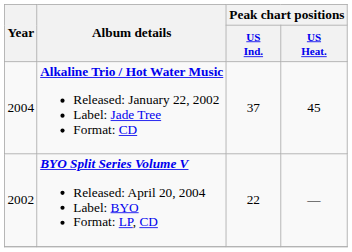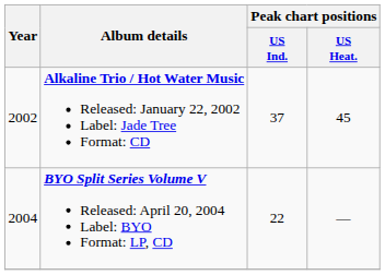 <table class ="wikitable">
 <tr>
 <th scope="col" rowspan="2">Year</th>
 <th scope="col" rowspan="2">Album details</th>
 <th scope="col" colspan="2">Peak chart positions</th>
 </tr>
 <tr>
 <th scope="col"><small><a href='#'>US<br>Ind.</a></small><br></th>
 <th scope="col"><small><a href='#'>US<br>Heat.</a></small><br></th>
 </tr>
 <tr>
-<td>2004</td>
+<td>2002</td>
 <td><strong><a href='#'>Alkaline Trio / Hot Water Music</a></strong><br><ul><li>Released: January 22, 2002</li><li>Label: <a href='#'>Jade Tree</a></li><li>Format: <a href='#'>CD</a></li></ul></td>
 <td align="center"> 37</td>
 <td align="center"> 45</td>
 </tr>
 <tr>
-<td>2002</td>
+<td>2004</td>
 <td><strong><em><a href='#'>BYO Split Series Volume V</a></em></strong><br><ul><li>Released: April 20, 2004</li><li>Label: <a href='#'>BYO</a></li><li>Format: <a href='#'>LP</a>, <a href='#'>CD</a></li></ul></td>
 <td align="center"> 22</td>
 <td align="center"> —</td>
 </tr>
 <tr>
 </tr>
 </table>
